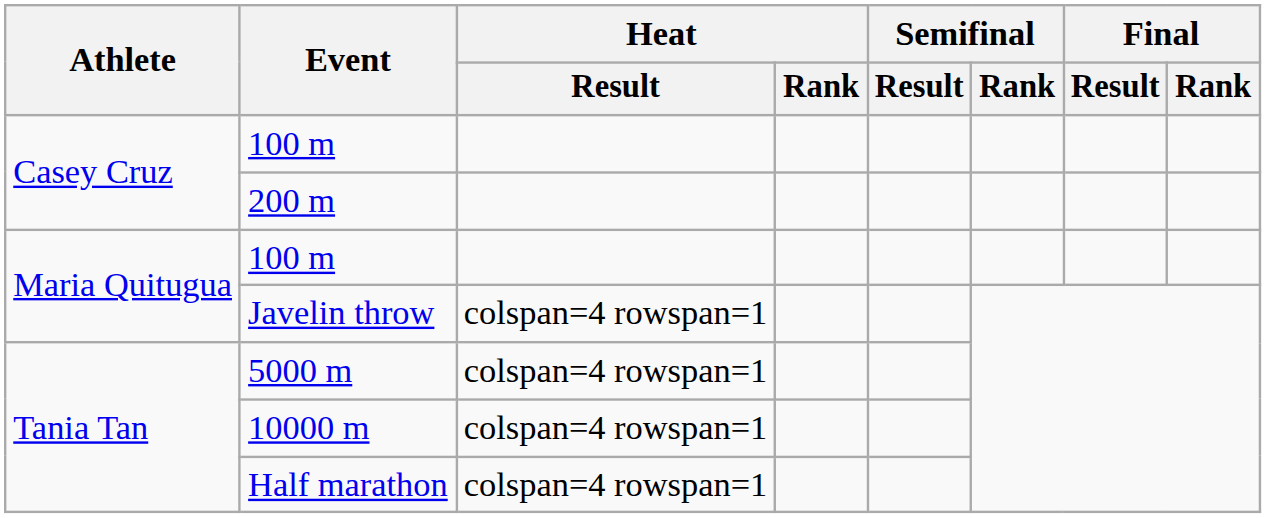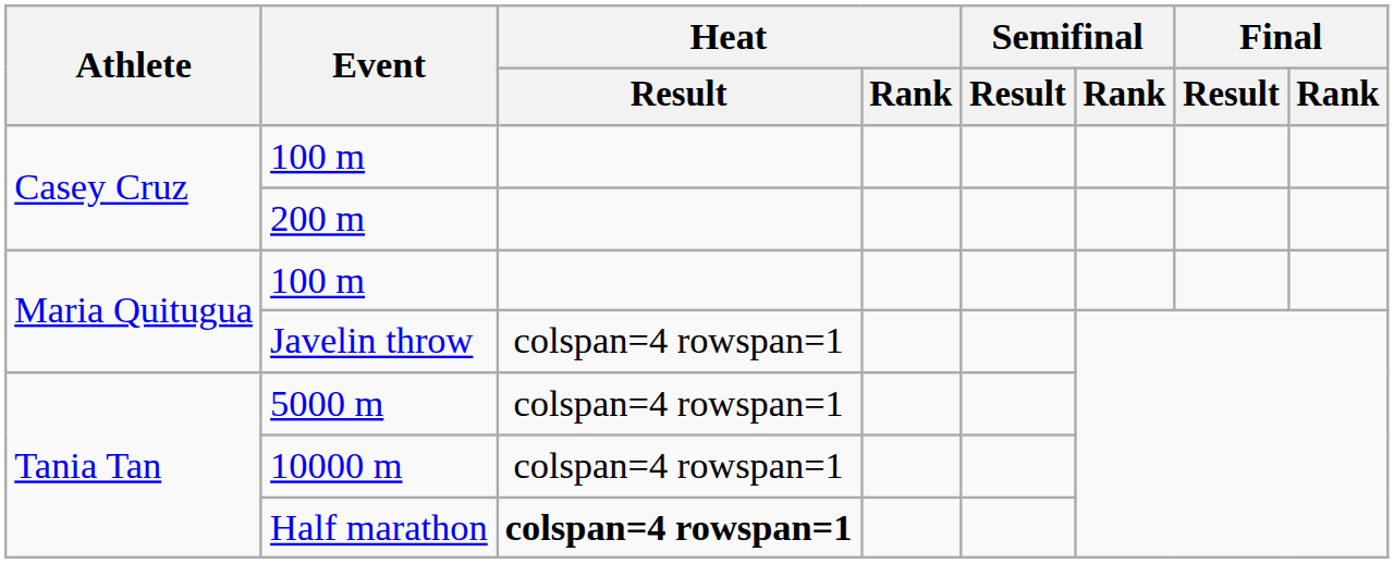 <table class="wikitable" style="font-size:90%">
 <tr>
 <th rowspan="2">Athlete</th>
 <th rowspan="2">Event</th>
 <th colspan="2">Heat</th>
 <th colspan="2">Semifinal</th>
 <th colspan="2">Final</th>
 </tr>
 <tr style="font-size:95%">
 <th>Result</th>
 <th>Rank</th>
 <th>Result</th>
 <th>Rank</th>
 <th>Result</th>
 <th>Rank</th>
 </tr>
 <tr style=text-align:center>
 <td style=text-align:left rowspan=2><a href='#'>Casey Cruz</a></td>
 <td style=text-align:left><a href='#'>100 m</a></td>
 <td></td>
 <td></td>
 <td></td>
 <td></td>
 <td></td>
 <td></td>
 </tr>
 <tr style=text-align:center>
 <td style=text-align:left><a href='#'>200 m</a></td>
 <td></td>
 <td></td>
 <td></td>
 <td></td>
 <td></td>
 <td></td>
 </tr>
 <tr style=text-align:center>
 <td style=text-align:left rowspan=2><a href='#'>Maria Quitugua</a></td>
 <td style=text-align:left><a href='#'>100 m</a></td>
 <td></td>
 <td></td>
 <td></td>
 <td></td>
 <td></td>
 <td></td>
 </tr>
 <tr style=text-align:center>
 <td style=text-align:left><a href='#'>Javelin throw</a></td>
 <td>colspan=4 rowspan=1 </td>
 <td></td>
 <td></td>
 </tr>
 <tr style=text-align:center>
 <td style=text-align:left rowspan=3><a href='#'>Tania Tan</a></td>
 <td style=text-align:left><a href='#'>5000 m</a></td>
 <td>colspan=4 rowspan=1 </td>
 <td></td>
 <td></td>
 </tr>
 <tr style=text-align:center>
 <td style=text-align:left><a href='#'>10000 m</a></td>
 <td>colspan=4 rowspan=1 </td>
 <td></td>
 <td></td>
 </tr>
 <tr style=text-align:center>
 <td style=text-align:left><a href='#'>Half marathon</a></td>
-<td>colspan=4 rowspan=1 </td>
+<td><strong>colspan=4 rowspan=1 </strong></td>
 <td></td>
 <td></td>
 </tr>
 </table>
